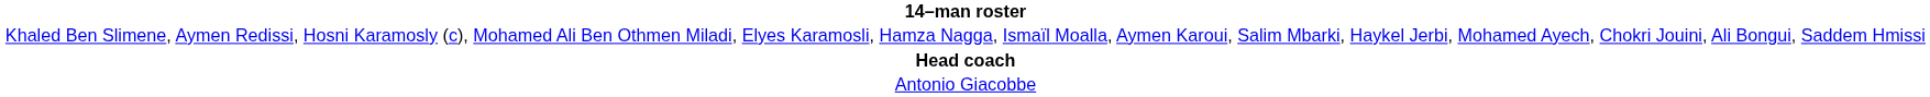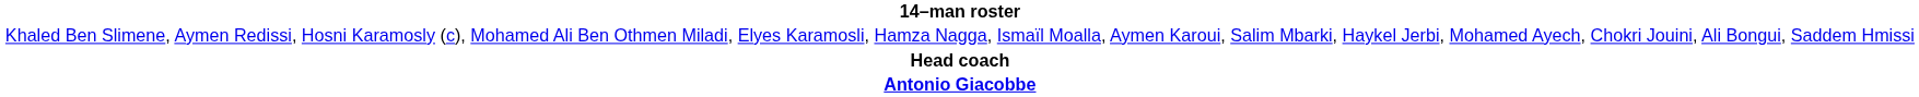 <table style="text-align:center; margin-top:2em; margin-left:auto; margin-right:auto">
 <tr>
 <td><strong>14–man roster</strong></td>
 </tr>
 <tr>
 <td><a href='#'>Khaled Ben Slimene</a>, <a href='#'>Aymen Redissi</a>, <a href='#'>Hosni Karamosly</a> (<a href='#'>c</a>), <a href='#'>Mohamed Ali Ben Othmen Miladi</a>, <a href='#'>Elyes Karamosli</a>, <a href='#'>Hamza Nagga</a>, <a href='#'>Ismaïl Moalla</a>, <a href='#'>Aymen Karoui</a>, <a href='#'>Salim Mbarki</a>, <a href='#'>Haykel Jerbi</a>, <a href='#'>Mohamed Ayech</a>, <a href='#'>Chokri Jouini</a>, <a href='#'>Ali Bongui</a>, <a href='#'>Saddem Hmissi</a></td>
 </tr>
 <tr>
 <td><strong>Head coach</strong></td>
 </tr>
 <tr>
-<td> <a href='#'>Antonio Giacobbe</a></td>
+<td><strong> <a href='#'>Antonio Giacobbe</a></strong></td>
 </tr>
 </table>
